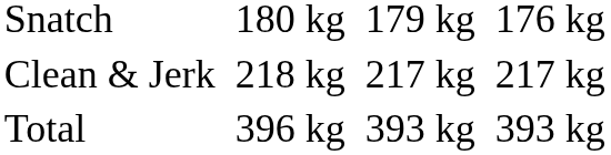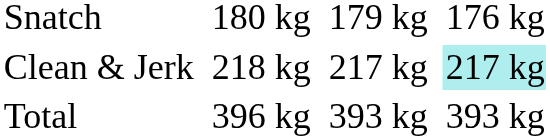 <table>
 <tr>
 <td>Snatch</td>
 <td></td>
 <td>180 kg</td>
 <td></td>
 <td>179 kg</td>
 <td></td>
 <td>176 kg</td>
 </tr>
 <tr>
 <td>Clean & Jerk</td>
 <td></td>
 <td>218 kg</td>
 <td></td>
 <td>217 kg</td>
 <td></td>
-<td>217 kg</td>
+<td style="background: paleturquoise;">217 kg</td>
 </tr>
 <tr>
 <td>Total</td>
 <td></td>
 <td>396 kg</td>
 <td></td>
 <td>393 kg</td>
 <td></td>
 <td>393 kg</td>
 </tr>
 </table>
